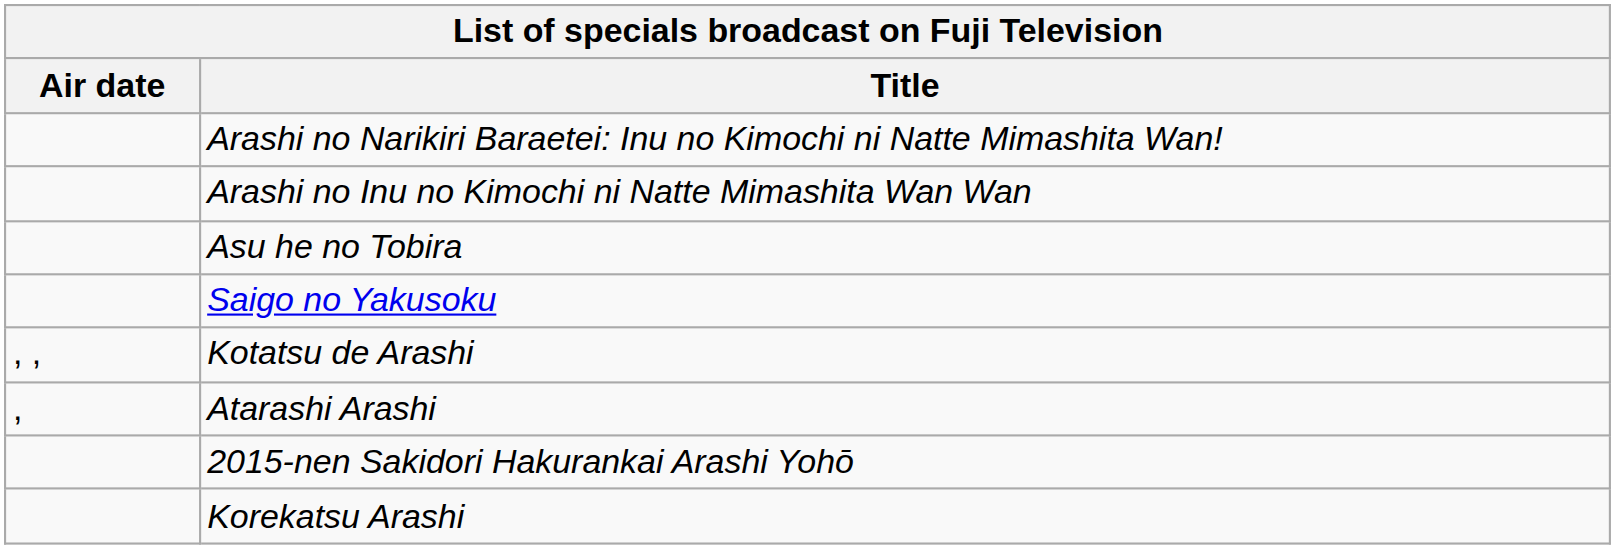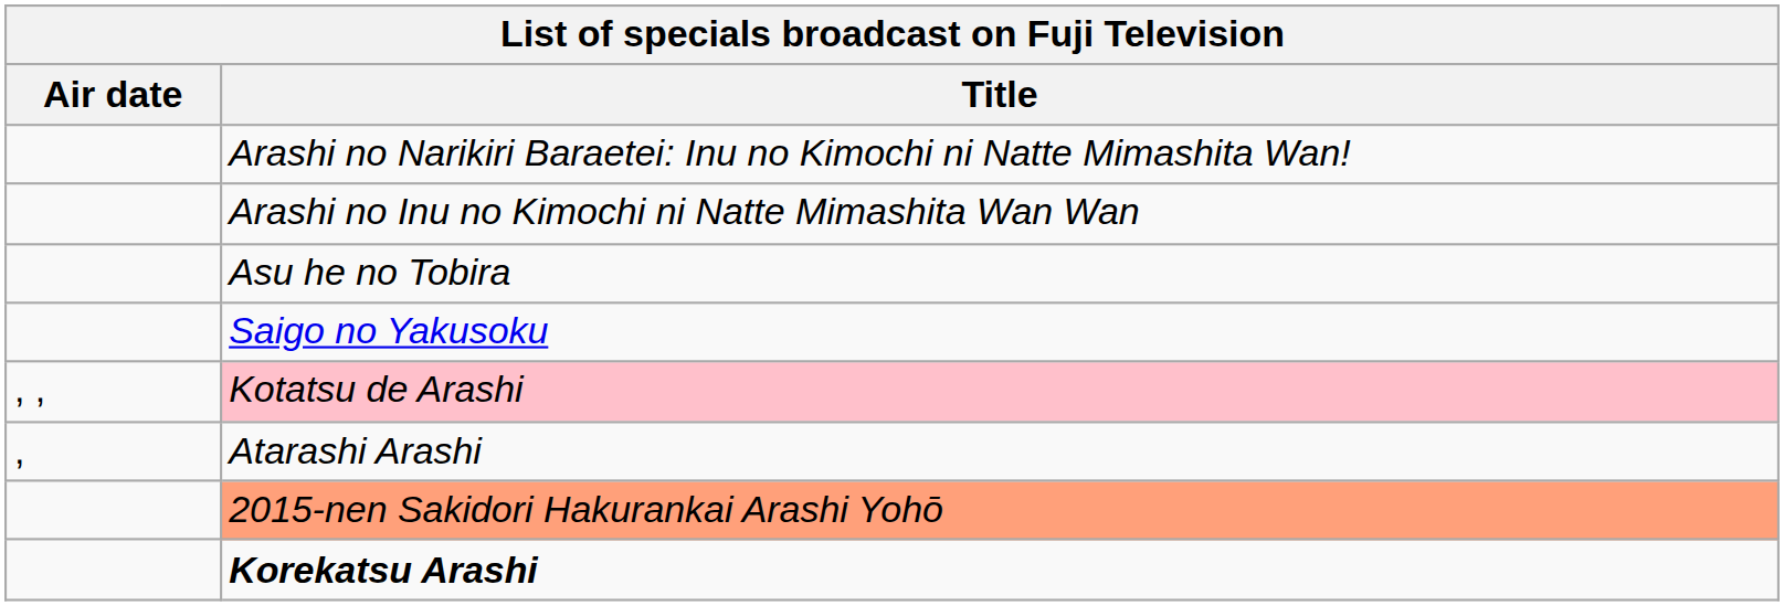 <table class="wikitable" style="clear:none; padding:0 auto; width:60%; margin:auto align:left;">
 <tr>
 <th colspan=3>List of specials broadcast on Fuji Television</th>
 </tr>
 <tr>
 <th>Air date</th>
 <th>Title</th>
 </tr>
 <tr>
 <td></td>
 <td><em>Arashi no Narikiri Baraetei: Inu no Kimochi ni Natte Mimashita Wan!</em></td>
 </tr>
 <tr>
 <td></td>
 <td><em>Arashi no Inu no Kimochi ni Natte Mimashita Wan Wan</em></td>
 </tr>
 <tr>
 <td></td>
 <td><em>Asu he no Tobira</em></td>
 </tr>
 <tr>
 <td></td>
 <td><em><a href='#'>Saigo no Yakusoku</a></em></td>
 </tr>
 <tr>
 <td>, , </td>
-<td><em>Kotatsu de Arashi</em></td>
+<td style="background: pink;"><em>Kotatsu de Arashi</em></td>
 </tr>
 <tr>
 <td>, </td>
 <td><em>Atarashi Arashi</em></td>
 </tr>
 <tr>
 <td></td>
-<td><em>2015-nen Sakidori Hakurankai Arashi Yohō</em></td>
+<td style="background: lightsalmon;"><em>2015-nen Sakidori Hakurankai Arashi Yohō</em></td>
 </tr>
 <tr>
 <td></td>
-<td><em>Korekatsu Arashi</em></td>
+<td><strong><em>Korekatsu Arashi</em></strong></td>
 </tr>
 </table>
